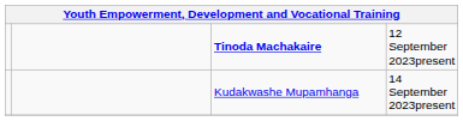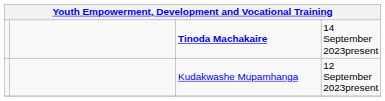 <table class="wikitable">
 <tr>
 <th colspan="4"><a href='#'>Youth Empowerment, Development and Vocational Training</a></th>
 </tr>
 <tr>
 <td style="width: 1px; background: "></td>
 <td style="width: 450px;"></td>
 <td style="width: 320px;"> <strong><a href='#'>Tinoda Machakaire</a></strong></td>
-<td>12 September 2023present</td>
+<td>14 September 2023present</td>
 </tr>
 <tr>
 <td style="width: 1px; background: "></td>
 <td style="width: 450px;"></td>
 <td style="width: 320px;"> <a href='#'>Kudakwashe Mupamhanga</a></td>
-<td>14 September 2023present</td>
+<td>12 September 2023present</td>
 </tr>
 <tr>
 </tr>
 </table>
